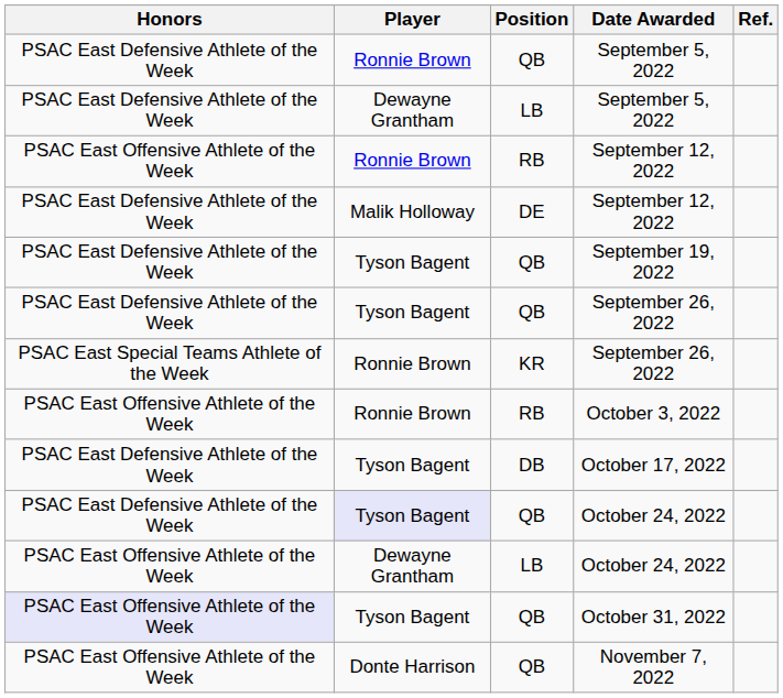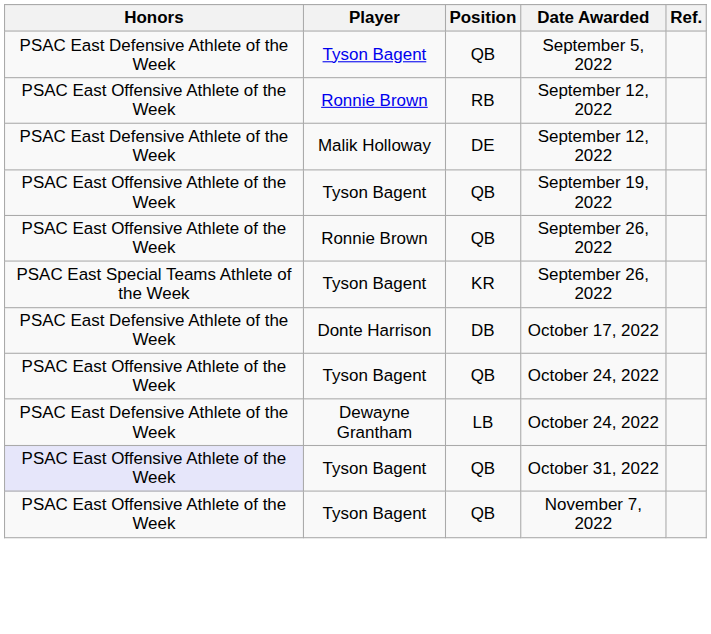 <table class="wikitable" style="width:75%; text-align:center;">
 <tr>
 </tr>
 <tr>
 <th>Honors</th>
 <th>Player</th>
 <th>Position</th>
 <th>Date Awarded</th>
 <th>Ref.</th>
 </tr>
 <tr>
 <td>PSAC East Defensive Athlete of the Week</td>
-<td><a href='#'>Ronnie Brown</a></td>
+<td><a href='#'>Tyson Bagent</a></td>
 <td>QB</td>
-<td>September 5, 2022</td>
-<td></td>
-</tr>
-<tr>
-<td>PSAC East Defensive Athlete of the Week</td>
-<td>Dewayne Grantham</td>
-<td>LB</td>
 <td>September 5, 2022</td>
 <td></td>
 </tr>
 <tr>
 <td>PSAC East Offensive Athlete of the Week</td>
 <td><a href='#'>Ronnie Brown</a></td>
 <td>RB</td>
 <td>September 12, 2022</td>
 <td></td>
 </tr>
 <tr>
 <td>PSAC East Defensive Athlete of the Week</td>
 <td>Malik Holloway</td>
 <td>DE</td>
 <td>September 12, 2022</td>
 <td></td>
 </tr>
 <tr>
-<td>PSAC East Defensive Athlete of the Week</td>
+<td>PSAC East Offensive Athlete of the Week</td>
 <td>Tyson Bagent</td>
 <td>QB</td>
 <td>September 19, 2022</td>
 <td></td>
 </tr>
 <tr>
-<td>PSAC East Defensive Athlete of the Week</td>
-<td>Tyson Bagent</td>
+<td>PSAC East Offensive Athlete of the Week</td>
+<td>Ronnie Brown</td>
 <td>QB</td>
 <td>September 26, 2022</td>
 <td></td>
 </tr>
 <tr>
 <td>PSAC East Special Teams Athlete of the Week</td>
-<td>Ronnie Brown</td>
+<td>Tyson Bagent</td>
 <td>KR</td>
 <td>September 26, 2022</td>
 <td></td>
 </tr>
 <tr>
-<td>PSAC East Offensive Athlete of the Week</td>
-<td>Ronnie Brown</td>
-<td>RB</td>
-<td>October 3, 2022</td>
-<td></td>
-</tr>
-<tr>
 <td>PSAC East Defensive Athlete of the Week</td>
-<td>Tyson Bagent</td>
+<td>Donte Harrison</td>
 <td>DB</td>
 <td>October 17, 2022</td>
 <td></td>
 </tr>
 <tr>
-<td>PSAC East Defensive Athlete of the Week</td>
-<td style="background: lavender;">Tyson Bagent</td>
+<td>PSAC East Offensive Athlete of the Week</td>
+<td>Tyson Bagent</td>
 <td>QB</td>
 <td>October 24, 2022</td>
 <td></td>
 </tr>
 <tr>
-<td>PSAC East Offensive Athlete of the Week</td>
+<td>PSAC East Defensive Athlete of the Week</td>
 <td>Dewayne Grantham</td>
 <td>LB</td>
 <td>October 24, 2022</td>
 <td></td>
 </tr>
 <tr>
 <td style="background: lavender;">PSAC East Offensive Athlete of the Week</td>
 <td>Tyson Bagent</td>
 <td>QB</td>
 <td>October 31, 2022</td>
 <td></td>
 </tr>
 <tr>
 <td>PSAC East Offensive Athlete of the Week</td>
-<td>Donte Harrison</td>
+<td>Tyson Bagent</td>
 <td>QB</td>
 <td>November 7, 2022</td>
 <td></td>
 </tr>
 </table>
